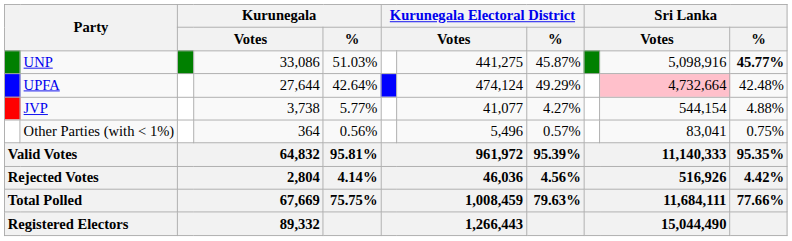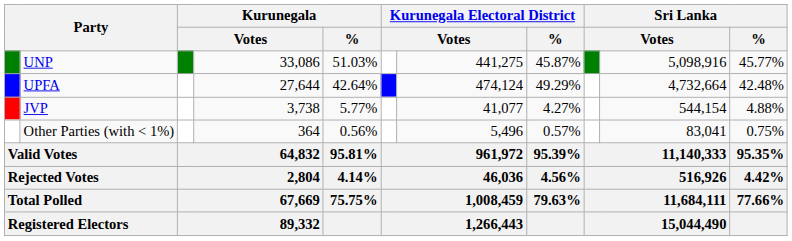 <table class="wikitable">
 <tr>
 <th colspan="2" width="144px"rowspan="2">Party</th>
 <th colspan="3" width="216px">Kurunegala</th>
 <th colspan="3" width="216px"><a href='#'>Kurunegala Electoral District</a></th>
 <th colspan="3" width="216px">Sri Lanka</th>
 </tr>
 <tr>
 <th colspan="2" width="144px">Votes</th>
 <th>%</th>
 <th colspan="2" width="144px">Votes</th>
 <th>%</th>
 <th colspan="2" width="144px">Votes</th>
 <th>%</th>
 </tr>
 <tr>
 <td style="background-color:green;" width="10px"></td>
 <td style="text-align:left;"><a href='#'>UNP</a></td>
 <td style="background-color:green;" width="10px"></td>
 <td style="text-align:right;">33,086</td>
 <td style="text-align:right;">51.03%</td>
 <td style="background-color:white;" width="10px"></td>
 <td style="text-align:right;">441,275</td>
 <td style="text-align:right;">45.87%</td>
 <td style="background-color:green;" width="10px"></td>
 <td style="text-align:right;">5,098,916</td>
-<td style="text-align:right;"><strong>45.77%</strong></td>
+<td style="text-align:right;">45.77%</td>
 </tr>
 <tr>
 <td style="background-color:blue;" width="10px"></td>
 <td style="text-align:left;"><a href='#'>UPFA</a></td>
 <td style="background-color:white;" width="10px"></td>
 <td style="text-align:right;">27,644</td>
 <td style="text-align:right;">42.64%</td>
 <td style="background-color:blue;" width="10px"></td>
 <td style="text-align:right;">474,124</td>
 <td style="text-align:right;">49.29%</td>
 <td style="background-color:white;" width="10px"></td>
-<td style="background: pink; text-align:right;">4,732,664</td>
+<td style="text-align:right;">4,732,664</td>
 <td style="text-align:right;">42.48%</td>
 </tr>
 <tr>
 <td style="background-color:red;" width="10px"></td>
 <td style="text-align:left;"><a href='#'>JVP</a></td>
 <td style="background-color:white;" width="10px"></td>
 <td style="text-align:right;">3,738</td>
 <td style="text-align:right;">5.77%</td>
 <td style="background-color:white;" width="10px"></td>
 <td style="text-align:right;">41,077</td>
 <td style="text-align:right;">4.27%</td>
 <td style="background-color:white;" width="10px"></td>
 <td style="text-align:right;">544,154</td>
 <td style="text-align:right;">4.88%</td>
 </tr>
 <tr>
 <td style="background-color:white;" width="10px"></td>
 <td style="text-align:left;">Other Parties (with < 1%)</td>
 <td style="background-color:white;" width="10px"></td>
 <td style="text-align:right;">364</td>
 <td style="text-align:right;">0.56%</td>
 <td style="background-color:white;" width="10px"></td>
 <td style="text-align:right;">5,496</td>
 <td style="text-align:right;">0.57%</td>
 <td style="background-color:white;" width="10px"></td>
 <td style="text-align:right;">83,041</td>
 <td style="text-align:right;">0.75%</td>
 </tr>
 <tr>
 <th colspan="2" width="144px"style="text-align:left;">Valid Votes</th>
 <th style="text-align:right;"colspan="2" width="144px">64,832</th>
 <th style="text-align:right;">95.81%</th>
 <th style="text-align:right;"colspan="2" width="144px">961,972</th>
 <th style="text-align:right;">95.39%</th>
 <th style="text-align:right;"colspan="2" width="144px">11,140,333</th>
 <th style="text-align:right;">95.35%</th>
 </tr>
 <tr>
 <th colspan="2" width="144px"style="text-align:left;">Rejected Votes</th>
 <th style="text-align:right;"colspan="2" width="144px">2,804</th>
 <th style="text-align:right;">4.14%</th>
 <th style="text-align:right;"colspan="2" width="144px">46,036</th>
 <th style="text-align:right;">4.56%</th>
 <th style="text-align:right;"colspan="2" width="144px">516,926</th>
 <th style="text-align:right;">4.42%</th>
 </tr>
 <tr>
 <th colspan="2" width="144px"style="text-align:left;">Total Polled</th>
 <th style="text-align:right;"colspan="2" width="144px">67,669</th>
 <th style="text-align:right;">75.75%</th>
 <th style="text-align:right;"colspan="2" width="144px">1,008,459</th>
 <th style="text-align:right;">79.63%</th>
 <th style="text-align:right;"colspan="2" width="144px">11,684,111</th>
 <th style="text-align:right;">77.66%</th>
 </tr>
 <tr>
 <th colspan="2" width="144px"style="text-align:left;">Registered Electors</th>
 <th style="text-align:right;"colspan="2" width="144px">89,332</th>
 <th></th>
 <th style="text-align:right;"colspan="2" width="144px">1,266,443</th>
 <th></th>
 <th style="text-align:right;"colspan="2" width="144px">15,044,490</th>
 <th></th>
 </tr>
 </table>
